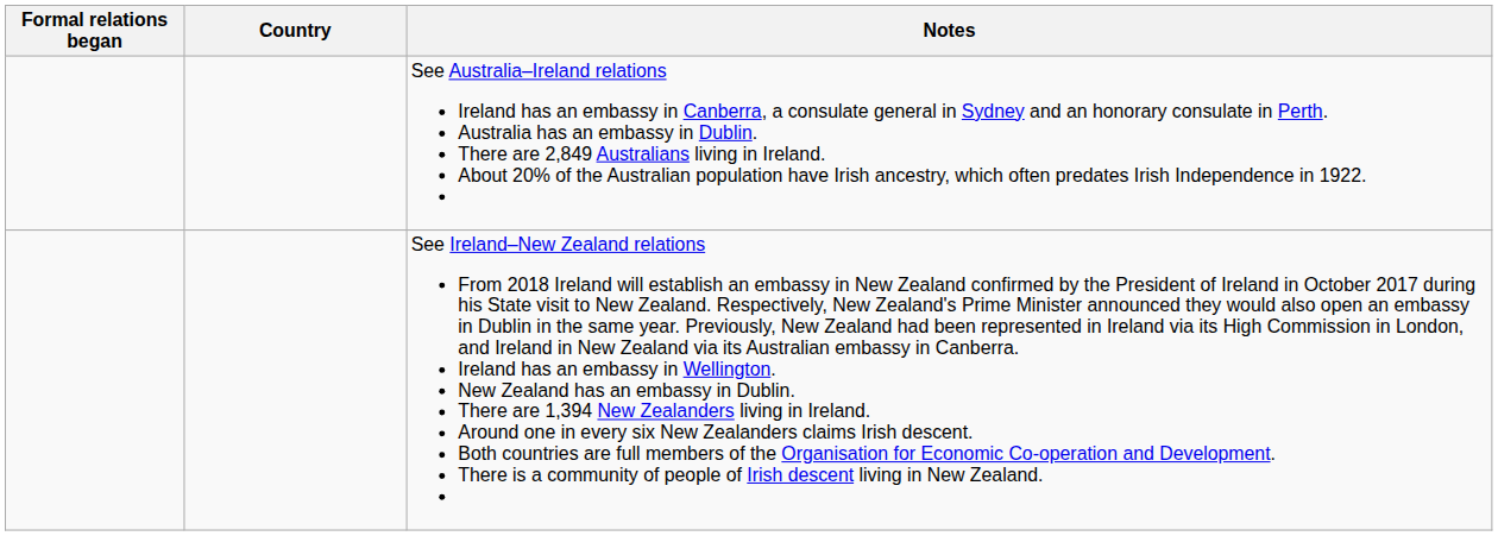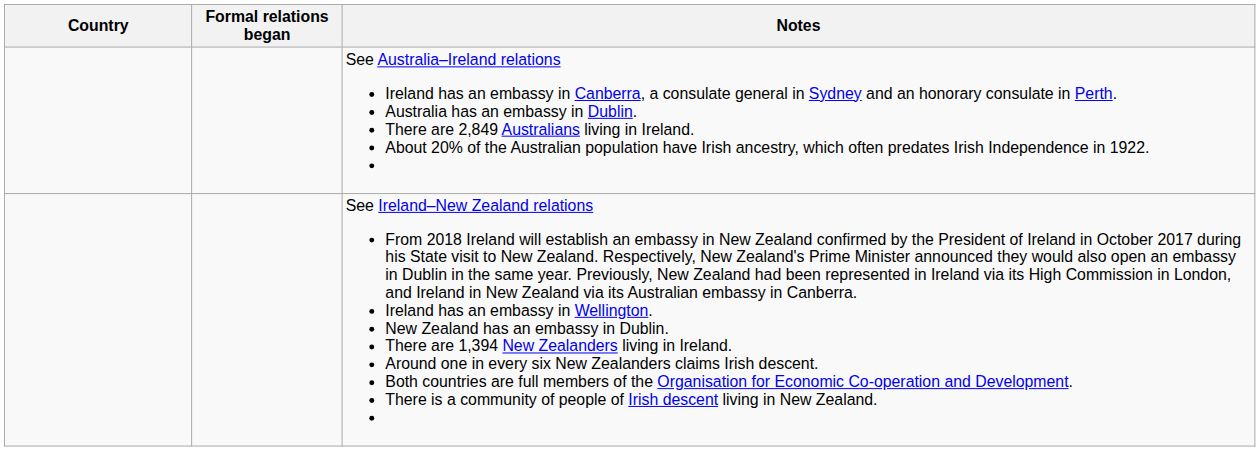 <table class="wikitable sortable" style="width:100%; margin:auto;">
 <tr>
+<th style="width:15%;">Country</th>
 <th style="width:12%;">Formal relations began</th>
-<th style="width:15%;">Country</th>
 <th>Notes</th>
 </tr>
 <tr valign="top">
 <td></td>
 <td></td>
 <td>See <a href='#'>Australia–Ireland relations</a><br><ul><li>Ireland has an embassy in <a href='#'>Canberra</a>, a consulate general in <a href='#'>Sydney</a> and an honorary consulate in <a href='#'>Perth</a>.</li><li>Australia has an embassy in <a href='#'>Dublin</a>.</li><li>There are 2,849 <a href='#'>Australians</a> living in Ireland.</li><li>About 20% of the Australian population have Irish ancestry, which often predates Irish Independence in 1922.</li><li> </li></ul></td>
 </tr>
 <tr valign="top">
 <td></td>
 <td></td>
 <td>See <a href='#'>Ireland–New Zealand relations</a><br><ul><li>From 2018 Ireland will establish an embassy in New Zealand confirmed by the President of Ireland in October 2017 during his State visit to New Zealand. Respectively, New Zealand's Prime Minister announced they would also open an embassy in Dublin in the same year. Previously, New Zealand had been represented in Ireland via its High Commission in London, and Ireland in New Zealand via its Australian embassy in Canberra.</li><li>Ireland has an embassy in <a href='#'>Wellington</a>.</li><li>New Zealand has an embassy in Dublin.</li><li>There are 1,394 <a href='#'>New Zealanders</a> living in Ireland.</li><li>Around one in every six New Zealanders claims Irish descent.</li><li>Both countries are full members of the <a href='#'>Organisation for Economic Co-operation and Development</a>.</li><li>There is a community of people of <a href='#'>Irish descent</a> living in New Zealand.</li><li> </li></ul></td>
 </tr>
 </table>
